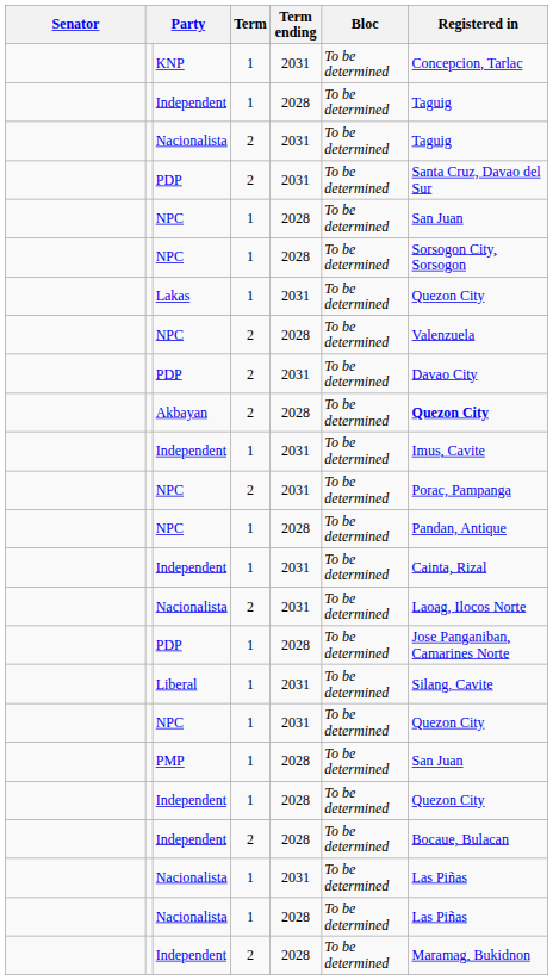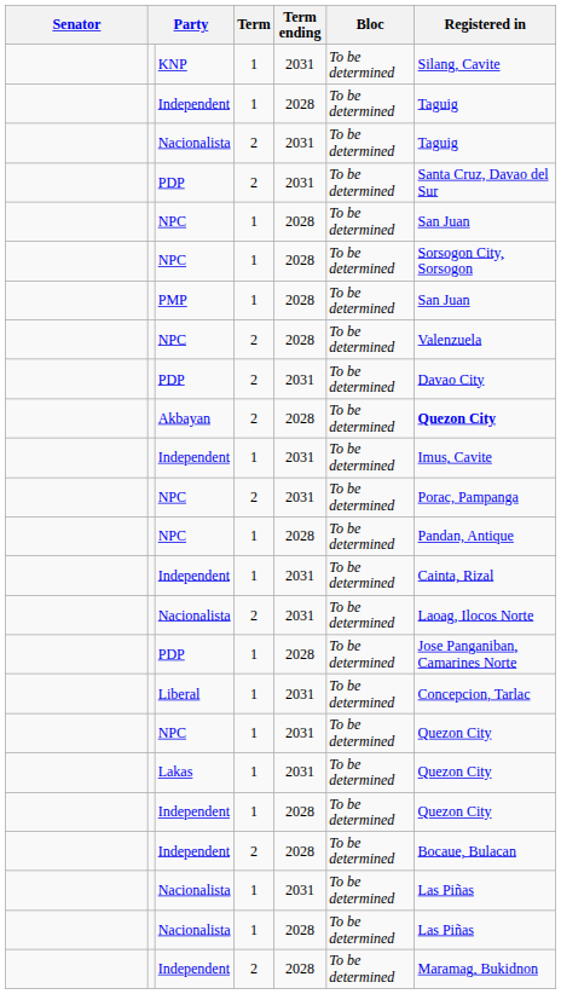 <table class="wikitable sortable">
 <tr>
 <th width="150px"><a href='#'>Senator</a></th>
 <th colspan="2"><a href='#'>Party</a></th>
 <th>Term</th>
 <th width="50px">Term ending</th>
 <th>Bloc</th>
 <th>Registered in</th>
 </tr>
 <tr>
 <td></td>
 <td></td>
 <td><a href='#'>KNP</a></td>
 <td align="center">1</td>
 <td align="center">2031</td>
 <td><em>To be determined</em></td>
-<td><a href='#'>Concepcion, Tarlac</a></td>
+<td><a href='#'>Silang, Cavite</a></td>
 </tr>
 <tr>
 <td></td>
 <td></td>
 <td><a href='#'>Independent</a></td>
 <td align="center">1</td>
 <td align="center">2028</td>
 <td><em>To be determined</em></td>
 <td><a href='#'>Taguig</a></td>
 </tr>
 <tr>
 <td></td>
 <td></td>
 <td><a href='#'>Nacionalista</a></td>
 <td align="center">2</td>
 <td align="center">2031</td>
 <td><em>To be determined</em></td>
 <td><a href='#'>Taguig</a></td>
 </tr>
 <tr>
 <td></td>
 <td></td>
 <td><a href='#'>PDP</a></td>
 <td align="center">2</td>
 <td align="center">2031</td>
 <td><em>To be determined</em></td>
 <td><a href='#'>Santa Cruz, Davao del Sur</a></td>
 </tr>
 <tr>
 <td></td>
 <td></td>
 <td><a href='#'>NPC</a></td>
 <td align="center">1</td>
 <td align="center">2028</td>
 <td><em>To be determined</em></td>
 <td><a href='#'>San Juan</a></td>
 </tr>
 <tr>
 <td></td>
 <td></td>
 <td><a href='#'>NPC</a></td>
 <td align="center">1</td>
 <td align="center">2028</td>
 <td><em>To be determined</em></td>
 <td><a href='#'>Sorsogon City, Sorsogon</a></td>
 </tr>
 <tr>
 <td></td>
 <td></td>
-<td><a href='#'>Lakas</a></td>
+<td><a href='#'>PMP</a></td>
 <td align="center">1</td>
-<td align="center">2031</td>
+<td align="center">2028</td>
 <td><em>To be determined</em></td>
-<td><a href='#'>Quezon City</a></td>
+<td><a href='#'>San Juan</a></td>
 </tr>
 <tr>
 <td></td>
 <td></td>
 <td><a href='#'>NPC</a></td>
 <td align="center">2</td>
 <td align="center">2028</td>
 <td><em>To be determined</em></td>
 <td><a href='#'>Valenzuela</a></td>
 </tr>
 <tr>
 <td></td>
 <td></td>
 <td><a href='#'>PDP</a></td>
 <td align="center">2</td>
 <td align="center">2031</td>
 <td><em>To be determined</em></td>
 <td><a href='#'>Davao City</a></td>
 </tr>
 <tr>
 <td></td>
 <td></td>
 <td><a href='#'>Akbayan</a></td>
 <td align="center">2</td>
 <td align="center">2028</td>
 <td><em>To be determined</em></td>
 <td><strong><a href='#'>Quezon City</a></strong></td>
 </tr>
 <tr>
 <td></td>
 <td></td>
 <td><a href='#'>Independent</a></td>
 <td align="center">1</td>
 <td align="center">2031</td>
 <td><em>To be determined</em></td>
 <td><a href='#'>Imus, Cavite</a></td>
 </tr>
 <tr>
 <td></td>
 <td></td>
 <td><a href='#'>NPC</a></td>
 <td align="center">2</td>
 <td align="center">2031</td>
 <td><em>To be determined</em></td>
 <td><a href='#'>Porac, Pampanga</a></td>
 </tr>
 <tr>
 <td></td>
 <td></td>
 <td><a href='#'>NPC</a></td>
 <td align="center">1</td>
 <td align="center">2028</td>
 <td><em>To be determined</em></td>
 <td><a href='#'>Pandan, Antique</a></td>
 </tr>
 <tr>
 <td></td>
 <td></td>
 <td><a href='#'>Independent</a></td>
 <td align="center">1</td>
 <td align="center">2031</td>
 <td><em>To be determined</em></td>
 <td><a href='#'>Cainta, Rizal</a></td>
 </tr>
 <tr>
 <td></td>
 <td></td>
 <td><a href='#'>Nacionalista</a></td>
 <td align="center">2</td>
 <td align="center">2031</td>
 <td><em>To be determined</em></td>
 <td><a href='#'>Laoag, Ilocos Norte</a></td>
 </tr>
 <tr>
 <td></td>
 <td></td>
 <td><a href='#'>PDP</a></td>
 <td align="center">1</td>
 <td align="center">2028</td>
 <td><em>To be determined</em></td>
 <td><a href='#'>Jose Panganiban, Camarines Norte</a></td>
 </tr>
 <tr>
 <td></td>
 <td></td>
 <td><a href='#'>Liberal</a></td>
 <td align="center">1</td>
 <td align="center">2031</td>
 <td><em>To be determined</em></td>
-<td><a href='#'>Silang, Cavite</a></td>
+<td><a href='#'>Concepcion, Tarlac</a></td>
 </tr>
 <tr>
 <td></td>
 <td></td>
 <td><a href='#'>NPC</a></td>
 <td align="center">1</td>
 <td align="center">2031</td>
 <td><em>To be determined</em></td>
 <td><a href='#'>Quezon City</a></td>
 </tr>
 <tr>
 <td></td>
 <td></td>
-<td><a href='#'>PMP</a></td>
+<td><a href='#'>Lakas</a></td>
 <td align="center">1</td>
-<td align="center">2028</td>
+<td align="center">2031</td>
 <td><em>To be determined</em></td>
-<td><a href='#'>San Juan</a></td>
+<td><a href='#'>Quezon City</a></td>
 </tr>
 <tr>
 <td></td>
 <td></td>
 <td><a href='#'>Independent</a></td>
 <td align="center">1</td>
 <td align="center">2028</td>
 <td><em>To be determined</em></td>
 <td><a href='#'>Quezon City</a></td>
 </tr>
 <tr>
 <td></td>
 <td></td>
 <td><a href='#'>Independent</a></td>
 <td align="center">2</td>
 <td align="center">2028</td>
 <td><em>To be determined</em></td>
 <td><a href='#'>Bocaue, Bulacan</a></td>
 </tr>
 <tr>
 <td></td>
 <td></td>
 <td><a href='#'>Nacionalista</a></td>
 <td align="center">1</td>
 <td align="center">2031</td>
 <td><em>To be determined</em></td>
 <td><a href='#'>Las Piñas</a></td>
 </tr>
 <tr>
 <td></td>
 <td></td>
 <td><a href='#'>Nacionalista</a></td>
 <td align="center">1</td>
 <td align="center">2028</td>
 <td><em>To be determined</em></td>
 <td><a href='#'>Las Piñas</a></td>
 </tr>
 <tr>
 <td></td>
 <td></td>
 <td><a href='#'>Independent</a></td>
 <td align="center">2</td>
 <td align="center">2028</td>
 <td><em>To be determined</em></td>
 <td><a href='#'>Maramag, Bukidnon</a></td>
 </tr>
 </table>
